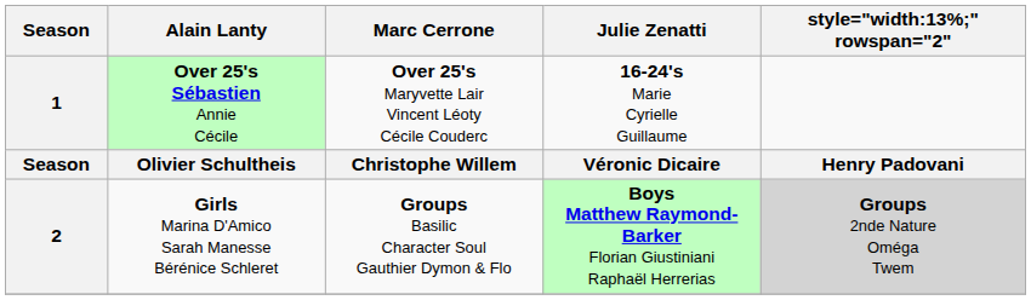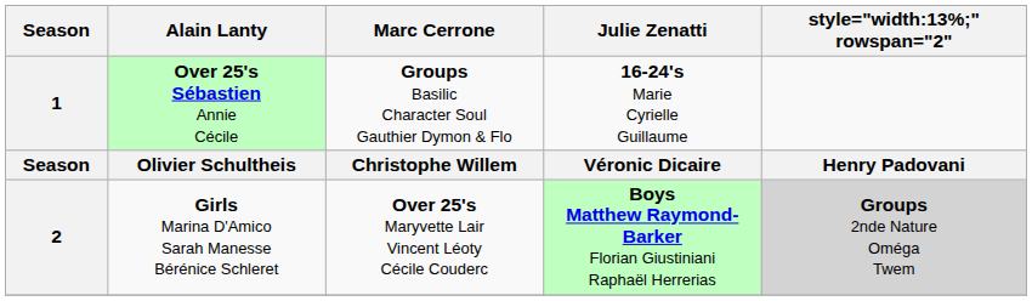 <table class="wikitable" style="text-align:center">
 <tr>
 <th style="width:4%;" scope="col">Season</th>
 <th style="width:13%;" scope="col">Alain Lanty</th>
 <th style="width:13%;" scope="col">Marc Cerrone</th>
 <th style="width:13%;" scope="col">Julie Zenatti</th>
 <th>style="width:13%;" rowspan="2"  </th>
 </tr>
 <tr>
 <th scope="row"><strong>1</strong></th>
 <td bgcolor="BFFFC0"><strong>Over 25's</strong><br><strong><a href='#'>Sébastien</a></strong> <small><br>Annie<br>Cécile</small></td>
-<td><strong>Over 25's</strong><br><small>Maryvette Lair<br>Vincent Léoty<br>Cécile Couderc</small></td>
+<td><strong>Groups</strong><br><small>Basilic<br>Character Soul<br>Gauthier Dymon & Flo</small></td>
 <td><strong>16-24's</strong><br><small>Marie<br>Cyrielle<br>Guillaume</small></td>
 </tr>
 <tr>
 <th style="width:4%;" scope="col">Season</th>
 <th style="width:13%;" scope="col">Olivier Schultheis</th>
 <th style="width:13%;" scope="col">Christophe Willem</th>
 <th style="width:13%;" scope="col">Véronic Dicaire</th>
 <th style="width:13%;" scope="col">Henry Padovani</th>
 </tr>
 <tr>
 <th scope="row"><strong>2</strong></th>
 <td><strong>Girls</strong><br><small>Marina D'Amico<br>Sarah Manesse<br>Bérénice Schleret</small></td>
-<td><strong>Groups</strong><br><small>Basilic<br>Character Soul<br>Gauthier Dymon & Flo</small></td>
+<td><strong>Over 25's</strong><br><small>Maryvette Lair<br>Vincent Léoty<br>Cécile Couderc</small></td>
 <td bgcolor="BFFFC0"><strong>Boys</strong><br><strong><a href='#'>Matthew Raymond-Barker</a></strong><br><small>Florian Giustiniani<br>Raphaël Herrerias</small></td>
 <td style="background: lightgrey;"><strong>Groups</strong><br><small>2nde Nature<br>Oméga<br>Twem</small></td>
 </tr>
 <tr>
 </tr>
 </table>
